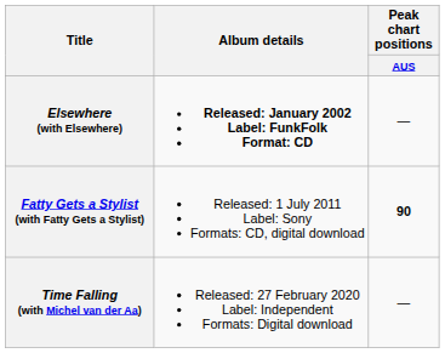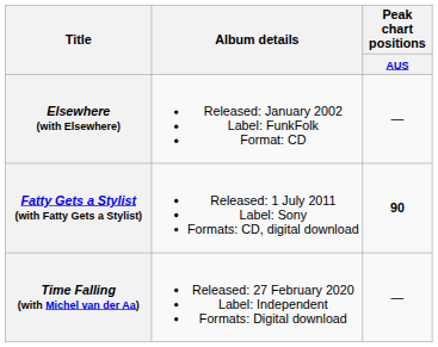 <table class="wikitable plainrowheaders" style="text-align:center">
 <tr>
 <th scope="col" rowspan="2" style="width:11em;">Title</th>
 <th scope="col" rowspan="2" style="width:16em;">Album details</th>
 <th scope="col" colspan="1" style="width:5em;">Peak chart<br>positions</th>
 </tr>
 <tr>
 <th scope="col" style="text-align:center;"><small><a href='#'>AUS</a><br></small></th>
 </tr>
 <tr>
 <th scope="row"><em>Elsewhere</em><br><small>(with Elsewhere)</small></th>
-<td><strong><br><ul><li>Released: January 2002</li><li>Label: FunkFolk</li><li>Format: CD</li></ul></strong></td>
+<td><br><ul><li>Released: January 2002</li><li>Label: FunkFolk</li><li>Format: CD</li></ul></td>
 <td>—</td>
 </tr>
 <tr>
 <th scope="row"><em><a href='#'>Fatty Gets a Stylist</a></em><br><small>(with Fatty Gets a Stylist)</small></th>
 <td><br><ul><li>Released: 1 July 2011</li><li>Label: Sony</li><li>Formats: CD, digital download</li></ul></td>
 <td><strong>90</strong></td>
 </tr>
 <tr>
 <th scope="row"><em>Time Falling</em><br><small>(with <a href='#'>Michel van der Aa</a>)</small></th>
 <td><br><ul><li>Released: 27 February 2020</li><li>Label: Independent</li><li>Formats: Digital download</li></ul></td>
 <td>—</td>
 </tr>
 </table>
